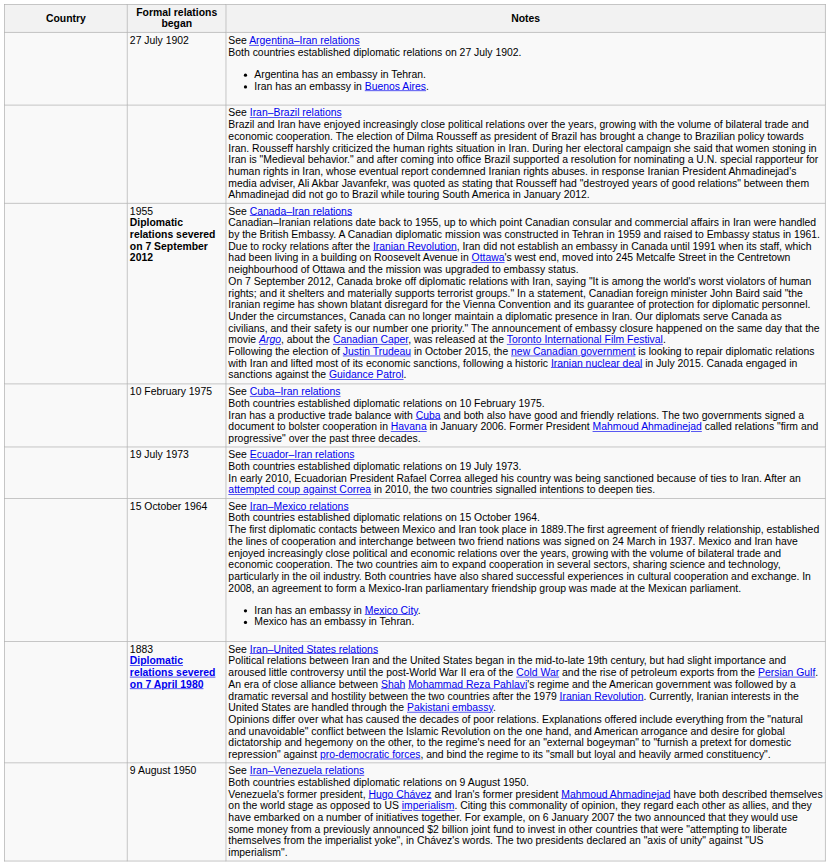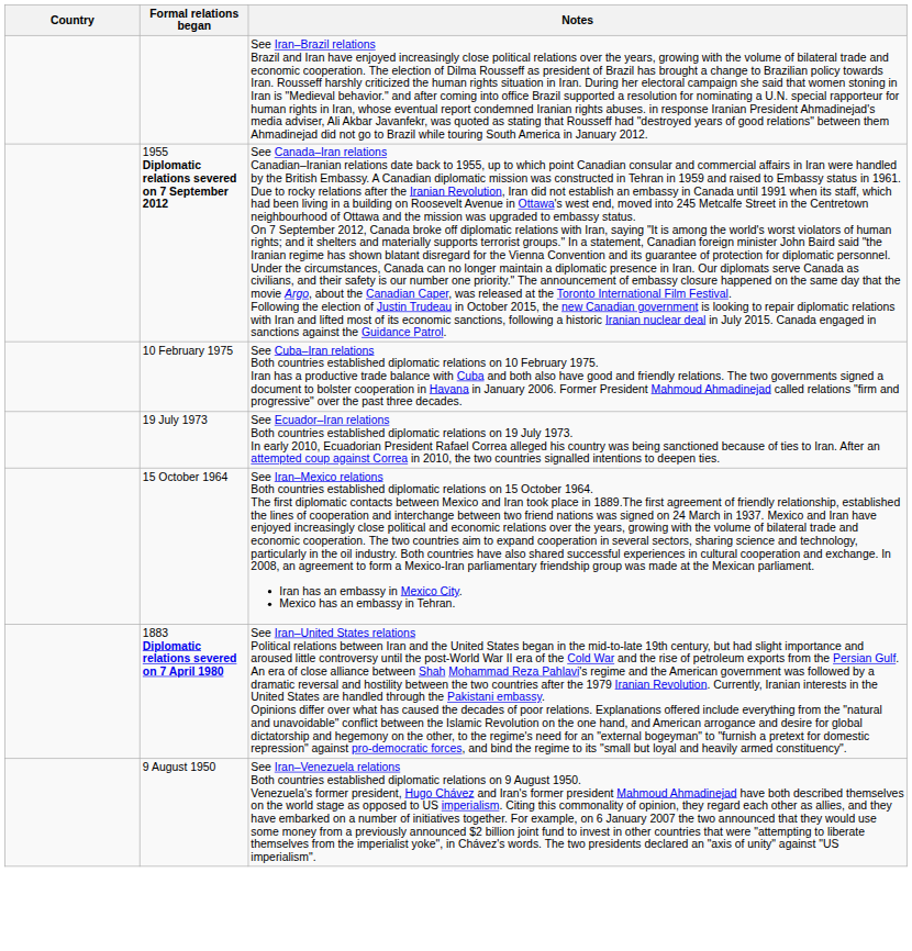 <table class="wikitable sortable" border="1" style="width:100%; margin:auto;">
 <tr>
 <th style="width:15%;">Country</th>
 <th style="width:12%;">Formal relations began</th>
 <th>Notes</th>
-</tr>
-<tr valign="top">
-<td></td>
-<td>27 July 1902</td>
-<td>See <a href='#'>Argentina–Iran relations</a><br>Both countries established diplomatic relations on 27 July 1902.<ul><li>Argentina has an embassy in Tehran.</li><li>Iran has an embassy in <a href='#'>Buenos Aires</a>.</li></ul></td>
 </tr>
 <tr valign="top">
 <td></td>
 <td></td>
 <td>See <a href='#'>Iran–Brazil relations</a><br>Brazil and Iran have enjoyed increasingly close political relations over the years, growing with the volume of bilateral trade and economic cooperation. The election of Dilma Rousseff as president of Brazil has brought a change to Brazilian policy towards Iran. Rousseff harshly criticized the human rights situation in Iran. During her electoral campaign she said that women stoning in Iran is "Medieval behavior." and after coming into office Brazil supported a resolution for nominating a U.N. special rapporteur for human rights in Iran, whose eventual report condemned Iranian rights abuses. in response Iranian President Ahmadinejad's media adviser, Ali Akbar Javanfekr, was quoted as stating that Rousseff had "destroyed years of good relations" between them Ahmadinejad did not go to Brazil while touring South America in January 2012.</td>
 </tr>
 <tr valign="top">
 <td></td>
 <td>1955<br><strong>Diplomatic relations severed on 7 September 2012</strong></td>
 <td>See <a href='#'>Canada–Iran relations</a><br>Canadian–Iranian relations date back to 1955, up to which point Canadian consular and commercial affairs in Iran were handled by the British Embassy. A Canadian diplomatic mission was constructed in Tehran in 1959 and raised to Embassy status in 1961. Due to rocky relations after the <a href='#'>Iranian Revolution</a>, Iran did not establish an embassy in Canada until 1991 when its staff, which had been living in a building on Roosevelt Avenue in <a href='#'>Ottawa</a>'s west end, moved into 245 Metcalfe Street in the Centretown neighbourhood of Ottawa and the mission was upgraded to embassy status.<br>On 7 September 2012, Canada broke off diplomatic relations with Iran, saying "It is among the world's worst violators of human rights; and it shelters and materially supports terrorist groups." In a statement, Canadian foreign minister John Baird said "the Iranian regime has shown blatant disregard for the Vienna Convention and its guarantee of protection for diplomatic personnel. Under the circumstances, Canada can no longer maintain a diplomatic presence in Iran. Our diplomats serve Canada as civilians, and their safety is our number one priority." The announcement of embassy closure happened on the same day that the movie <em><a href='#'>Argo</a></em>, about the <a href='#'>Canadian Caper</a>, was released at the <a href='#'>Toronto International Film Festival</a>.<br>Following the election of <a href='#'>Justin Trudeau</a> in October 2015, the <a href='#'>new Canadian government</a> is looking to repair diplomatic relations with Iran and lifted most of its economic sanctions, following a historic <a href='#'>Iranian nuclear deal</a> in July 2015. Canada engaged in sanctions against the <a href='#'>Guidance Patrol</a>.</td>
 </tr>
 <tr valign="top">
 <td></td>
 <td>10 February 1975</td>
 <td>See <a href='#'>Cuba–Iran relations</a><br>Both countries established diplomatic relations on 10 February 1975.<br>Iran has a productive trade balance with <a href='#'>Cuba</a> and both also have good and friendly relations. The two governments signed a document to bolster cooperation in <a href='#'>Havana</a> in January 2006. Former President <a href='#'>Mahmoud Ahmadinejad</a> called relations "firm and progressive" over the past three decades.</td>
 </tr>
 <tr valign="top">
 <td></td>
 <td>19 July 1973</td>
 <td>See <a href='#'>Ecuador–Iran relations</a><br>Both countries established diplomatic relations on 19 July 1973.<br>In early 2010, Ecuadorian President Rafael Correa alleged his country was being sanctioned because of ties to Iran. After an <a href='#'>attempted coup against Correa</a> in 2010, the two countries signalled intentions to deepen ties.</td>
 </tr>
 <tr valign="top">
 <td></td>
 <td>15 October 1964</td>
 <td>See <a href='#'>Iran–Mexico relations</a><br>Both countries established diplomatic relations on 15 October 1964.<br>The first diplomatic contacts between Mexico and Iran took place in 1889.The first agreement of friendly relationship, established the lines of cooperation and interchange between two friend nations was signed on 24 March in 1937. Mexico and Iran have enjoyed increasingly close political and economic relations over the years, growing with the volume of bilateral trade and economic cooperation. The two countries aim to expand cooperation in several sectors, sharing science and technology, particularly in the oil industry. Both countries have also shared successful experiences in cultural cooperation and exchange. In 2008, an agreement to form a Mexico-Iran parliamentary friendship group was made at the Mexican parliament.<ul><li>Iran has an embassy in <a href='#'>Mexico City</a>.</li><li>Mexico has an embassy in Tehran.</li></ul></td>
 </tr>
 <tr valign="top">
 <td></td>
 <td>1883<br><strong><a href='#'>Diplomatic relations severed on 7 April 1980</a></strong></td>
 <td>See <a href='#'>Iran–United States relations</a><br> Political relations between Iran and the United States began in the mid-to-late 19th century, but had slight importance and aroused little controversy until the post-World War II era of the <a href='#'>Cold War</a> and the rise of petroleum exports from the <a href='#'>Persian Gulf</a>. An era of close alliance between <a href='#'>Shah</a> <a href='#'>Mohammad Reza Pahlavi</a>'s regime and the American government was followed by a dramatic reversal and hostility between the two countries after the 1979 <a href='#'>Iranian Revolution</a>. Currently, Iranian interests in the United States are handled through the <a href='#'>Pakistani embassy</a>.<br>Opinions differ over what has caused the decades of poor relations. Explanations offered include everything from the "natural and unavoidable" conflict between the Islamic Revolution on the one hand, and American arrogance and desire for global dictatorship and hegemony on the other, to the regime's need for an "external bogeyman" to "furnish a pretext for domestic repression" against <a href='#'>pro-democratic forces</a>, and bind the regime to its "small but loyal and heavily armed constituency".</td>
 </tr>
 <tr valign="top">
 <td></td>
 <td>9 August 1950</td>
 <td>See <a href='#'>Iran–Venezuela relations</a><br>Both countries established diplomatic relations on 9 August 1950.<br>Venezuela's former president, <a href='#'>Hugo Chávez</a> and Iran's former president <a href='#'>Mahmoud Ahmadinejad</a> have both described themselves on the world stage as opposed to US <a href='#'>imperialism</a>. Citing this commonality of opinion, they regard each other as allies, and they have embarked on a number of initiatives together. For example, on 6 January 2007 the two announced that they would use some money from a previously announced $2 billion joint fund to invest in other countries that were "attempting to liberate themselves from the imperialist yoke", in Chávez's words. The two presidents declared an "axis of unity" against "US imperialism".</td>
 </tr>
 </table>
